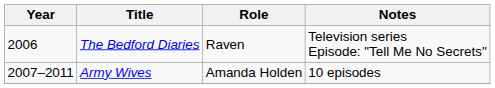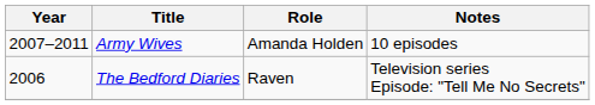 <table class="wikitable sortable">
 <tr>
 <th>Year</th>
 <th>Title</th>
 <th>Role</th>
 <th>Notes</th>
 </tr>
 <tr>
+<td>2007–2011</td>
+<td><em><a href='#'>Army Wives</a></em></td>
+<td>Amanda Holden</td>
+<td>10 episodes</td>
+</tr>
+<tr>
 <td>2006</td>
 <td><em><a href='#'>The Bedford Diaries</a></em></td>
 <td>Raven</td>
 <td>Television series<br>Episode: "Tell Me No Secrets"</td>
 </tr>
 <tr>
-<td>2007–2011</td>
-<td><em><a href='#'>Army Wives</a></em></td>
-<td>Amanda Holden</td>
-<td>10 episodes</td>
-</tr>
-<tr>
 </tr>
 </table>
